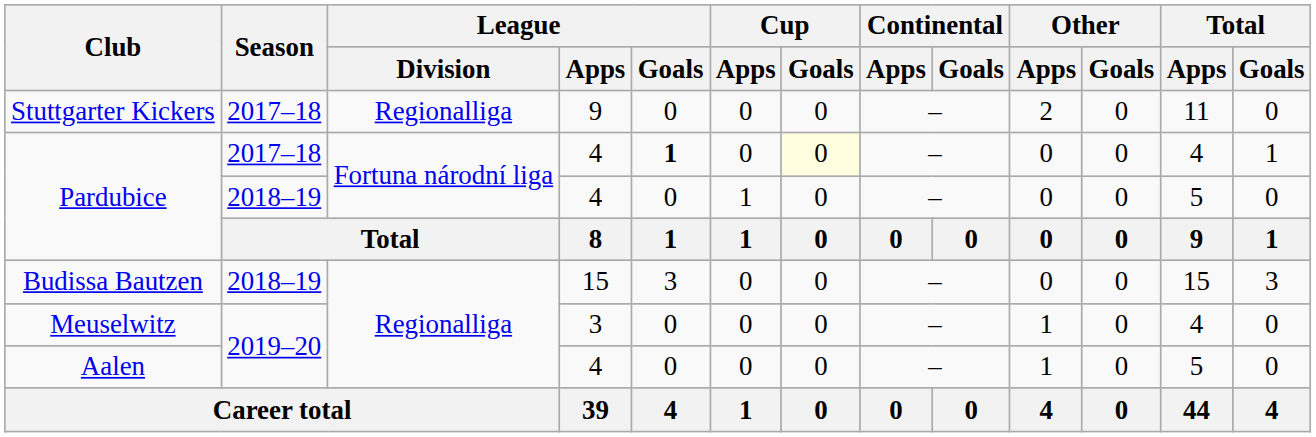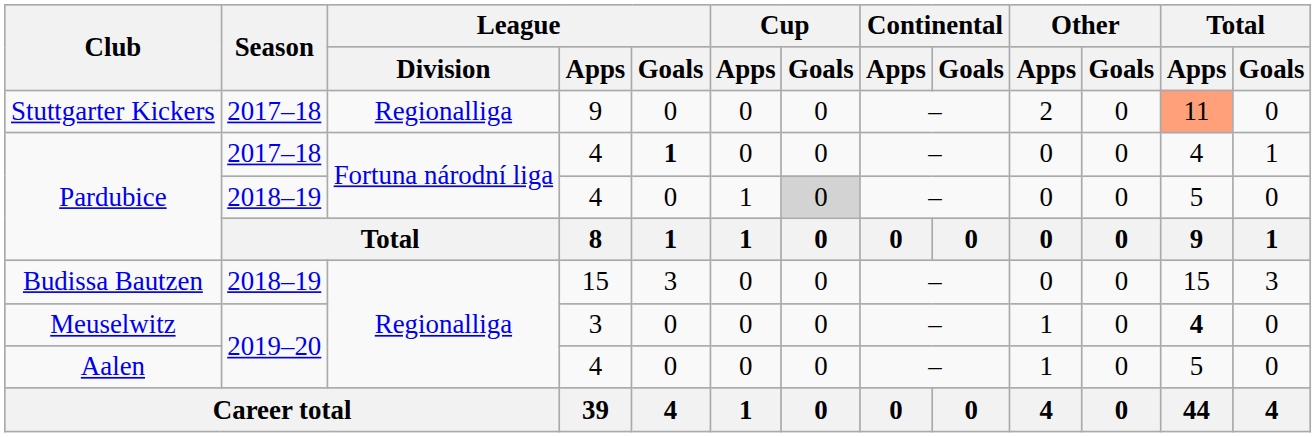 <table class="wikitable" style="text-align: center">
 <tr>
 <th rowspan="2">Club</th>
 <th rowspan="2">Season</th>
 <th colspan="3">League</th>
 <th colspan="2">Cup</th>
 <th colspan="2">Continental</th>
 <th colspan="2">Other</th>
 <th colspan="2">Total</th>
 </tr>
 <tr>
 <th>Division</th>
 <th>Apps</th>
 <th>Goals</th>
 <th>Apps</th>
 <th>Goals</th>
 <th>Apps</th>
 <th>Goals</th>
 <th>Apps</th>
 <th>Goals</th>
 <th>Apps</th>
 <th>Goals</th>
 </tr>
 <tr>
 <td><a href='#'>Stuttgarter Kickers</a></td>
 <td><a href='#'>2017–18</a></td>
 <td><a href='#'>Regionalliga</a></td>
 <td>9</td>
 <td>0</td>
 <td>0</td>
 <td>0</td>
 <td colspan="2">–</td>
 <td>2</td>
 <td>0</td>
-<td>11</td>
+<td style="background: lightsalmon;">11</td>
 <td>0</td>
 </tr>
 <tr>
 <td rowspan="3"><a href='#'>Pardubice</a></td>
 <td><a href='#'>2017–18</a></td>
 <td rowspan="2"><a href='#'>Fortuna národní liga</a></td>
 <td>4</td>
 <td><strong>1</strong></td>
 <td>0</td>
-<td style="background: lightyellow;">0</td>
+<td>0</td>
 <td colspan="2">–</td>
 <td>0</td>
 <td>0</td>
 <td>4</td>
 <td>1</td>
 </tr>
 <tr>
 <td><a href='#'>2018–19</a></td>
 <td>4</td>
 <td>0</td>
 <td>1</td>
-<td>0</td>
+<td style="background: lightgrey;">0</td>
 <td colspan="2">–</td>
 <td>0</td>
 <td>0</td>
 <td>5</td>
 <td>0</td>
 </tr>
 <tr>
 <th colspan="2"><strong>Total</strong></th>
 <th>8</th>
 <th>1</th>
 <th>1</th>
 <th>0</th>
 <th>0</th>
 <th>0</th>
 <th>0</th>
 <th>0</th>
 <th>9</th>
 <th>1</th>
 </tr>
 <tr>
 <td><a href='#'>Budissa Bautzen</a></td>
 <td><a href='#'>2018–19</a></td>
 <td rowspan="3"><a href='#'>Regionalliga</a></td>
 <td>15</td>
 <td>3</td>
 <td>0</td>
 <td>0</td>
 <td colspan="2">–</td>
 <td>0</td>
 <td>0</td>
 <td>15</td>
 <td>3</td>
 </tr>
 <tr>
 <td><a href='#'>Meuselwitz</a></td>
 <td rowspan="2"><a href='#'>2019–20</a></td>
 <td>3</td>
 <td>0</td>
 <td>0</td>
 <td>0</td>
 <td colspan="2">–</td>
 <td>1</td>
 <td>0</td>
-<td>4</td>
+<td><strong>4</strong></td>
 <td>0</td>
 </tr>
 <tr>
 <td><a href='#'>Aalen</a></td>
 <td>4</td>
 <td>0</td>
 <td>0</td>
 <td>0</td>
 <td colspan="2">–</td>
 <td>1</td>
 <td>0</td>
 <td>5</td>
 <td>0</td>
 </tr>
 <tr>
 <th colspan="3"><strong>Career total</strong></th>
 <th>39</th>
 <th>4</th>
 <th>1</th>
 <th>0</th>
 <th>0</th>
 <th>0</th>
 <th>4</th>
 <th>0</th>
 <th>44</th>
 <th>4</th>
 </tr>
 </table>
